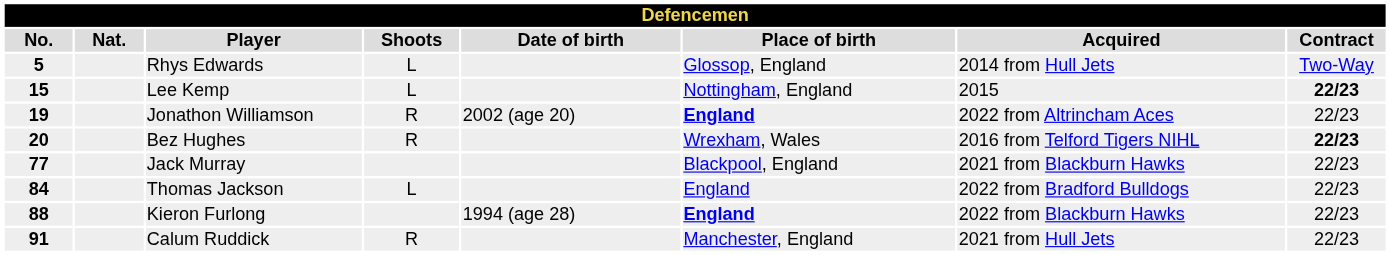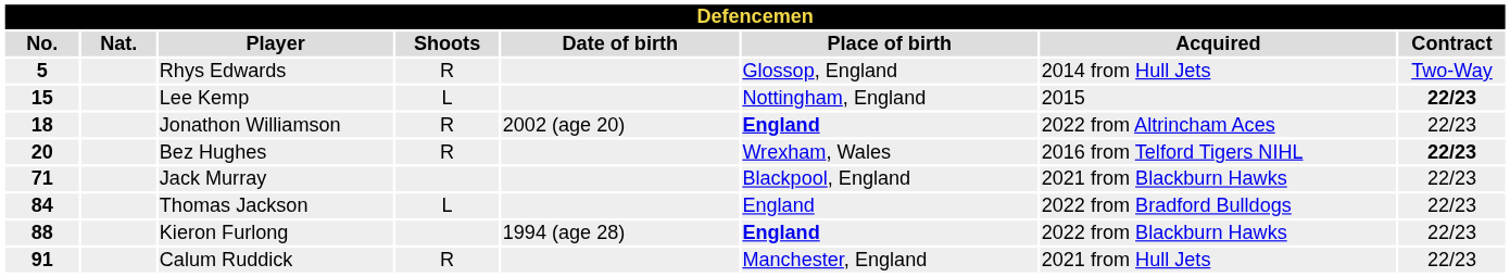 <table class="toccolours"  style="width:97%; clear:both; margin:1.5em auto; text-align:center;">
 <tr style="background:#ddd;">
 <th colspan="11" style="background:black; color:#f0d648;”">Defencemen</th>
 </tr>
 <tr style="background:#ddd;">
 <th width=5%>No.</th>
 <th width=5%>Nat.</th>
 <th !width=22%>Player</th>
 <th width=7%>Shoots</th>
 <th width=16%>Date of birth</th>
 <th width=20%>Place of birth</th>
 <th width=24%>Acquired</th>
 <td><strong>Contract</strong></td>
 </tr>
 <tr style="background:#eee;">
 <td><strong>5</strong></td>
 <td></td>
 <td align=left>Rhys Edwards</td>
-<td>L</td>
+<td>R</td>
 <td align=left></td>
 <td align=left><a href='#'>Glossop</a>, England</td>
 <td align=left>2014 from <a href='#'>Hull Jets</a></td>
 <td><a href='#'>Two-Way</a></td>
 </tr>
 <tr style="background:#eee;">
 <td><strong>15</strong></td>
 <td></td>
 <td align=left>Lee Kemp</td>
 <td>L</td>
 <td align=left></td>
 <td align=left><a href='#'>Nottingham</a>, England</td>
 <td align=left>2015</td>
 <td><strong>22/23</strong></td>
 </tr>
 <tr style="background:#eee;">
-<td><strong>19</strong></td>
+<td><strong>18</strong></td>
 <td></td>
 <td align=left>Jonathon Williamson</td>
 <td>R</td>
 <td align=left>2002 (age 20)</td>
 <td align=left><strong><a href='#'>England</a></strong></td>
 <td align=left>2022 from <a href='#'>Altrincham Aces</a></td>
 <td>22/23</td>
 </tr>
 <tr style="background:#eee;">
 <td><strong>20</strong></td>
 <td></td>
 <td align=left>Bez Hughes</td>
 <td>R</td>
 <td align=left></td>
 <td align=left><a href='#'>Wrexham</a>, Wales</td>
 <td align=left>2016 from <a href='#'>Telford Tigers NIHL</a></td>
 <td><strong>22/23</strong></td>
 </tr>
 <tr style="background:#eee;">
-<td><strong>77</strong></td>
+<td><strong>71</strong></td>
 <td></td>
 <td align=left>Jack Murray</td>
 <td></td>
 <td align=left></td>
 <td align=left><a href='#'>Blackpool</a>, England</td>
 <td align=left>2021 from <a href='#'>Blackburn Hawks</a></td>
 <td>22/23</td>
 </tr>
 <tr style="background:#eee;">
 <td><strong>84</strong></td>
 <td></td>
 <td align=left>Thomas Jackson</td>
 <td>L</td>
 <td align=left></td>
 <td align=left><a href='#'>England</a></td>
 <td align=left>2022 from <a href='#'>Bradford Bulldogs</a></td>
 <td>22/23</td>
 </tr>
 <tr style="background:#eee;">
 <td><strong>88</strong></td>
 <td></td>
 <td align=left>Kieron Furlong</td>
 <td></td>
 <td align=left>1994 (age 28)</td>
 <td align=left><strong><a href='#'>England</a></strong></td>
 <td align=left>2022 from <a href='#'>Blackburn Hawks</a></td>
 <td>22/23</td>
 </tr>
 <tr style="background:#eee;">
 <td><strong>91</strong></td>
 <td></td>
 <td align=left>Calum Ruddick</td>
 <td>R</td>
 <td align=left></td>
 <td align=left><a href='#'>Manchester</a>, England</td>
 <td align=left>2021 from <a href='#'>Hull Jets</a></td>
 <td>22/23</td>
 </tr>
 </table>
